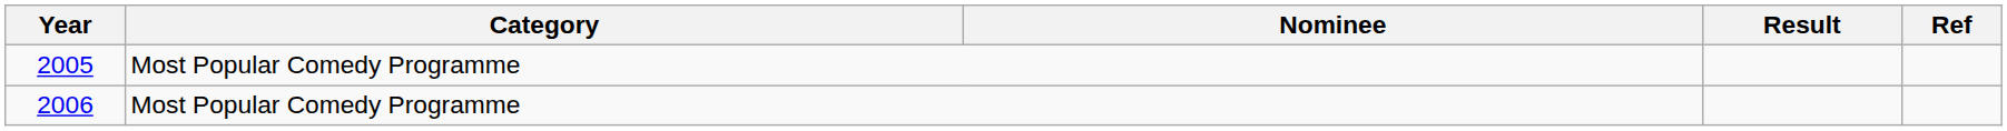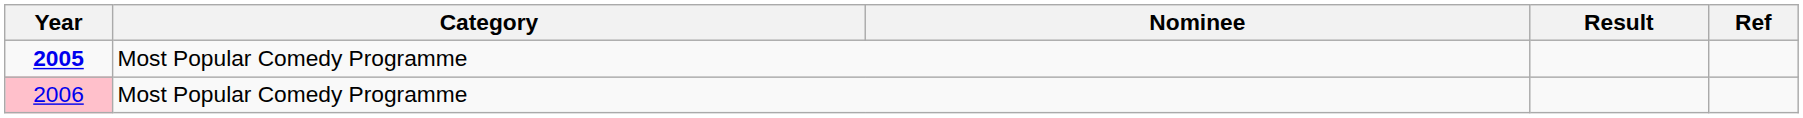 <table class="wikitable" style="width:100%;">
 <tr>
 <th style="width:6%;">Year</th>
 <th style="width:42%;">Category</th>
 <th style="width:37%;">Nominee</th>
 <th style="width:10%;">Result</th>
 <th style="width:5%;">Ref</th>
 </tr>
 <tr>
-<td style="text-align:center;"><a href='#'>2005</a></td>
+<td style="text-align:center;"><strong><a href='#'>2005</a></strong></td>
 <td colspan="2">Most Popular Comedy Programme</td>
 <td></td>
 <td style="text-align:center;"></td>
 </tr>
 <tr>
-<td style="text-align:center;"><a href='#'>2006</a></td>
+<td style="background: pink; text-align:center;"><a href='#'>2006</a></td>
 <td colspan="2">Most Popular Comedy Programme</td>
 <td></td>
 <td style="text-align:center;"></td>
 </tr>
 </table>
